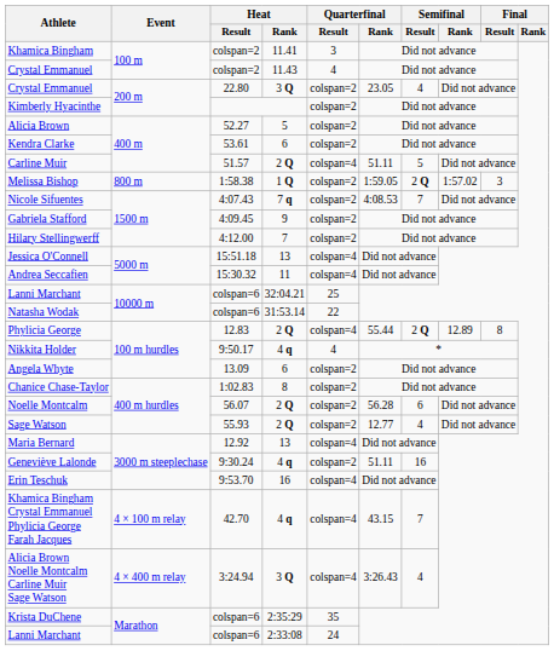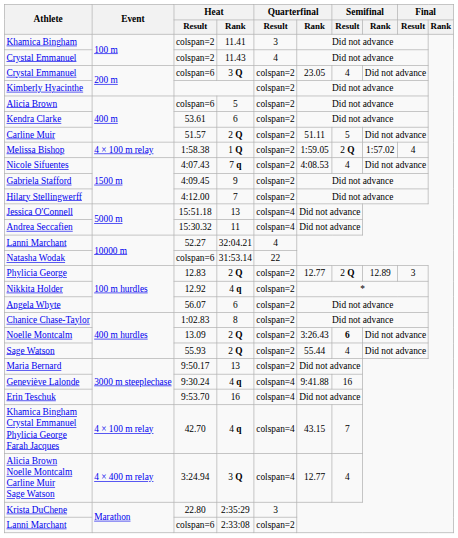 <table class="wikitable" style="font-size:90%">
 <tr>
 <th rowspan="2">Athlete</th>
 <th rowspan="2">Event</th>
 <th colspan="2">Heat</th>
 <th colspan="2">Quarterfinal</th>
 <th colspan="2">Semifinal</th>
 <th colspan="2">Final</th>
 </tr>
 <tr style="font-size:95%">
 <th>Result</th>
 <th>Rank</th>
 <th>Result</th>
 <th>Rank</th>
 <th>Result</th>
 <th>Rank</th>
 <th>Result</th>
 <th>Rank</th>
 </tr>
 <tr align=center>
 <td align=left><a href='#'>Khamica Bingham</a></td>
 <td align=left rowspan=2><a href='#'>100 m</a></td>
 <td>colspan=2 </td>
 <td>11.41</td>
 <td>3</td>
 <td colspan=4>Did not advance</td>
 </tr>
 <tr align=center>
 <td align=left><a href='#'>Crystal Emmanuel</a></td>
 <td>colspan=2 </td>
 <td>11.43</td>
 <td>4</td>
 <td colspan=4>Did not advance</td>
 </tr>
 <tr align=center>
 <td align=left><a href='#'>Crystal Emmanuel</a></td>
 <td align=left rowspan=2><a href='#'>200 m</a></td>
-<td>22.80</td>
+<td>colspan=6 </td>
 <td>3 <strong>Q</strong></td>
 <td>colspan=2 </td>
 <td>23.05</td>
 <td>4</td>
 <td colspan=2>Did not advance</td>
 </tr>
 <tr align=center>
 <td align=left><a href='#'>Kimberly Hyacinthe</a></td>
 <td colspan=2></td>
 <td>colspan=2 </td>
 <td colspan=4>Did not advance</td>
 </tr>
 <tr align=center>
 <td align=left><a href='#'>Alicia Brown</a></td>
 <td align=left rowspan=3><a href='#'>400 m</a></td>
-<td>52.27</td>
+<td>colspan=6 </td>
 <td>5</td>
 <td>colspan=2 </td>
 <td colspan=4>Did not advance</td>
 </tr>
 <tr align=center>
 <td align=left><a href='#'>Kendra Clarke</a></td>
 <td>53.61</td>
 <td>6</td>
 <td>colspan=2 </td>
 <td colspan=4>Did not advance</td>
 </tr>
 <tr align=center>
 <td align=left><a href='#'>Carline Muir</a></td>
 <td>51.57</td>
 <td>2 <strong>Q</strong></td>
-<td>colspan=4 </td>
+<td>colspan=2 </td>
 <td>51.11</td>
 <td>5</td>
 <td colspan=2>Did not advance</td>
 </tr>
 <tr align=center>
 <td align=left><a href='#'>Melissa Bishop</a></td>
-<td align=left><a href='#'>800 m</a></td>
+<td align=left><a href='#'>4 × 100 m relay</a></td>
 <td>1:58.38</td>
 <td>1 <strong>Q</strong></td>
 <td>colspan=2 </td>
 <td>1:59.05</td>
 <td>2 <strong>Q</strong></td>
 <td>1:57.02 <strong></strong></td>
-<td>3</td>
+<td>4</td>
 </tr>
 <tr align=center>
 <td align=left><a href='#'>Nicole Sifuentes</a></td>
 <td align=left rowspan=3><a href='#'>1500 m</a></td>
 <td>4:07.43</td>
 <td>7 <strong>q</strong></td>
 <td>colspan=2 </td>
 <td>4:08.53</td>
-<td>7</td>
+<td>4</td>
 <td colspan=2>Did not advance</td>
 </tr>
 <tr align=center>
 <td align=left><a href='#'>Gabriela Stafford</a></td>
 <td>4:09.45</td>
 <td>9</td>
 <td>colspan=2 </td>
 <td colspan=4>Did not advance</td>
 </tr>
 <tr align=center>
 <td align=left><a href='#'>Hilary Stellingwerff</a></td>
 <td>4:12.00</td>
 <td>7</td>
 <td>colspan=2 </td>
 <td colspan=4>Did not advance</td>
 </tr>
 <tr align=center>
 <td align=left><a href='#'>Jessica O'Connell</a></td>
 <td align=left rowspan=2><a href='#'>5000 m</a></td>
 <td>15:51.18</td>
 <td>13</td>
 <td>colspan=4 </td>
 <td colspan=2>Did not advance</td>
 </tr>
 <tr align=center>
 <td align=left><a href='#'>Andrea Seccafien</a></td>
 <td>15:30.32</td>
 <td>11</td>
 <td>colspan=4 </td>
 <td colspan=2>Did not advance</td>
 </tr>
 <tr align=center>
 <td align=left><a href='#'>Lanni Marchant</a></td>
 <td align=left rowspan=2><a href='#'>10000 m</a></td>
-<td>colspan=6 </td>
+<td>52.27</td>
 <td>32:04.21</td>
-<td>25</td>
+<td>4</td>
 </tr>
 <tr align=center>
 <td align=left><a href='#'>Natasha Wodak</a></td>
 <td>colspan=6 </td>
 <td>31:53.14</td>
 <td>22</td>
 </tr>
 <tr align=center>
 <td align=left><a href='#'>Phylicia George</a></td>
 <td align=left rowspan=3><a href='#'>100 m hurdles</a></td>
 <td>12.83</td>
 <td>2 <strong>Q</strong></td>
-<td>colspan=4 </td>
-<td>55.44</td>
+<td>colspan=2 </td>
+<td>12.77</td>
 <td>2 <strong>Q</strong></td>
 <td>12.89</td>
-<td>8</td>
+<td>3</td>
 </tr>
 <tr align=center>
 <td align=left><a href='#'>Nikkita Holder</a></td>
-<td>9:50.17</td>
+<td>12.92</td>
 <td>4 <strong>q</strong></td>
-<td>4</td>
+<td>colspan=2 </td>
 <td colspan=4>*</td>
 </tr>
 <tr align=center>
 <td align=left><a href='#'>Angela Whyte</a></td>
-<td>13.09</td>
+<td>56.07</td>
 <td>6</td>
 <td>colspan=2 </td>
 <td colspan=4>Did not advance</td>
 </tr>
 <tr align=center>
 <td align=left><a href='#'>Chanice Chase-Taylor</a></td>
 <td align=left rowspan=3><a href='#'>400 m hurdles</a></td>
 <td>1:02.83</td>
 <td>8</td>
 <td>colspan=2 </td>
 <td colspan=4>Did not advance</td>
 </tr>
 <tr align=center>
 <td align=left><a href='#'>Noelle Montcalm</a></td>
-<td>56.07</td>
+<td>13.09</td>
 <td>2 <strong>Q</strong></td>
 <td>colspan=2 </td>
-<td>56.28</td>
-<td>6</td>
+<td>3:26.43</td>
+<td><strong>6</strong></td>
 <td colspan=2>Did not advance</td>
 </tr>
 <tr align=center>
 <td align=left><a href='#'>Sage Watson</a></td>
 <td>55.93</td>
 <td>2 <strong>Q</strong></td>
 <td>colspan=2 </td>
-<td>12.77</td>
+<td>55.44</td>
 <td>4</td>
 <td colspan=2>Did not advance</td>
 </tr>
 <tr align=center>
 <td align=left><a href='#'>Maria Bernard</a></td>
 <td align=left rowspan=3><a href='#'>3000 m steeplechase</a></td>
-<td>12.92</td>
+<td>9:50.17</td>
 <td>13</td>
-<td>colspan=4 </td>
+<td>colspan=2 </td>
 <td colspan=2>Did not advance</td>
 </tr>
 <tr align=center>
 <td align=left><a href='#'>Geneviève Lalonde</a></td>
 <td>9:30.24 <strong></strong></td>
 <td>4 <strong>q</strong></td>
-<td>colspan=2 </td>
-<td>51.11</td>
+<td>colspan=4 </td>
+<td>9:41.88</td>
 <td>16</td>
 </tr>
 <tr align=center>
 <td align=left><a href='#'>Erin Teschuk</a></td>
 <td>9:53.70</td>
 <td>16</td>
 <td>colspan=4 </td>
 <td colspan=2>Did not advance</td>
 </tr>
 <tr align=center>
 <td align=left><a href='#'>Khamica Bingham</a><br><a href='#'>Crystal Emmanuel</a><br><a href='#'>Phylicia George</a><br><a href='#'>Farah Jacques</a></td>
 <td align=left><a href='#'>4 × 100 m relay</a></td>
 <td>42.70</td>
 <td>4 <strong>q</strong></td>
 <td>colspan=4 </td>
 <td>43.15</td>
 <td>7</td>
 </tr>
 <tr align=center>
 <td align=left><a href='#'>Alicia Brown</a><br><a href='#'>Noelle Montcalm</a><br><a href='#'>Carline Muir</a><br><a href='#'>Sage Watson</a></td>
 <td align=left><a href='#'>4 × 400 m relay</a></td>
 <td>3:24.94</td>
 <td>3 <strong>Q</strong></td>
 <td>colspan=4 </td>
-<td>3:26.43</td>
+<td>12.77</td>
 <td>4</td>
 </tr>
 <tr align=center>
 <td align=left><a href='#'>Krista DuChene</a></td>
 <td align=left rowspan=2><a href='#'>Marathon</a></td>
-<td>colspan=6 </td>
+<td>22.80</td>
 <td>2:35:29</td>
-<td>35</td>
+<td>3</td>
 </tr>
 <tr align=center>
 <td align=left><a href='#'>Lanni Marchant</a></td>
 <td>colspan=6 </td>
 <td>2:33:08</td>
-<td>24</td>
+<td>colspan=2 </td>
 </tr>
 </table>
